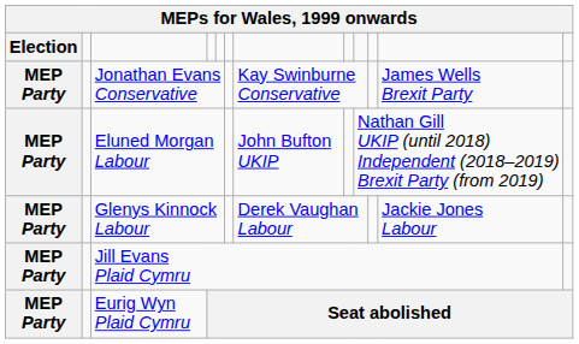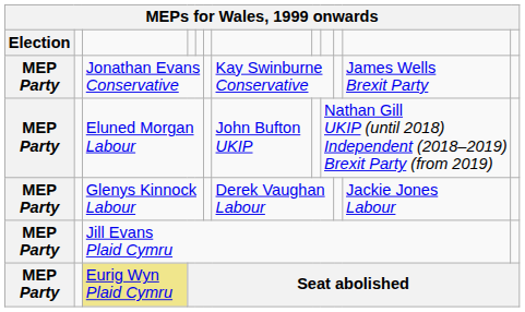 <table class="wikitable">
 <tr>
 <th colspan = 12>MEPs for Wales, 1999 onwards</th>
 </tr>
 <tr>
 <th>Election</th>
 <td style="width:1px;"></td>
 <td></td>
 <td style="width:1px;"></td>
 <td></td>
 <td style="width:1px;"></td>
 <td></td>
 <td style="width:1px;"></td>
 <td></td>
 <td style="width:1px;"></td>
 <td></td>
 <td style="width:1px;"></td>
 </tr>
 <tr>
 <th>MEP<br><em>Party</em></th>
 <td width=1px style="color:inherit;background-color: "></td>
 <td colspan = 3><a href='#'>Jonathan Evans</a><br><em><a href='#'>Conservative</a></em></td>
 <td width=1px style="color:inherit;background-color: "></td>
 <td colspan = 3><a href='#'>Kay Swinburne</a><br><em><a href='#'>Conservative</a></em></td>
 <td width=1px style="color:inherit;background-color: "></td>
 <td><a href='#'>James Wells</a><br><em><a href='#'>Brexit Party</a></em></td>
 <td width=1px style="color:inherit;background-color: "></td>
 </tr>
 <tr>
 <th>MEP<br><em>Party</em></th>
 <td width=1px style="color:inherit;background-color: "></td>
 <td colspan = 3><a href='#'>Eluned Morgan</a><br><em><a href='#'>Labour</a></em></td>
 <td width=1px style="color:inherit;background-color: "></td>
 <td><a href='#'>John Bufton</a><br><em><a href='#'>UKIP</a></em></td>
 <td width=1px style="color:inherit;background-color: "></td>
 <td colspan = 3><a href='#'>Nathan Gill</a><br><em><a href='#'>UKIP</a> (until 2018)</em><br><em><a href='#'>Independent</a> (2018–2019)</em><br><em><a href='#'>Brexit Party</a> (from 2019)</em></td>
 <td width=1px style="color:inherit;background-color: "></td>
 </tr>
 <tr>
 <th>MEP<br><em>Party</em></th>
 <td width=1px style="color:inherit;background-color: "></td>
 <td colspan = 3><a href='#'>Glenys Kinnock</a><br><em><a href='#'>Labour</a></em></td>
 <td width=1px style="color:inherit;background-color: "></td>
 <td colspan = 3><a href='#'>Derek Vaughan</a><br><em><a href='#'>Labour</a></em></td>
 <td width=1px style="color:inherit;background-color: "></td>
 <td><a href='#'>Jackie Jones</a><br><em><a href='#'>Labour</a></em></td>
 <td width=1px style="color:inherit;background-color: "></td>
 </tr>
 <tr>
 <th>MEP<br><em>Party</em></th>
 <td width=1px style="color:inherit;background-color: "></td>
 <td colspan = 9><a href='#'>Jill Evans</a><br><em><a href='#'>Plaid Cymru</a></em></td>
 <td width=1px style="color:inherit;background-color: "></td>
 </tr>
 <tr>
 <th>MEP<br><em>Party</em></th>
 <td width=1px style="color:inherit;background-color: "></td>
-<td><a href='#'>Eurig Wyn</a><br><em><a href='#'>Plaid Cymru</a></em></td>
+<td style="background: khaki;"><a href='#'>Eurig Wyn</a><br><em><a href='#'>Plaid Cymru</a></em></td>
 <th colspan = 9>Seat abolished</th>
 </tr>
 </table>
